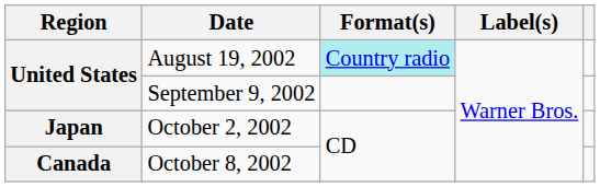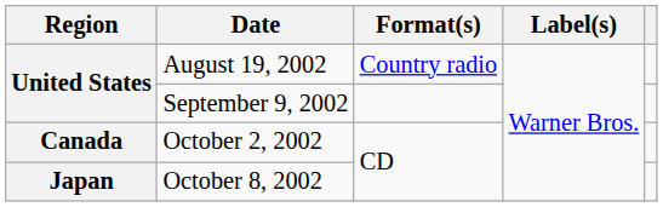 <table class="wikitable plainrowheaders">
 <tr>
 <th scope="col">Region</th>
 <th scope="col">Date</th>
 <th scope="col">Format(s)</th>
 <th scope="col">Label(s)</th>
 <th scope="col"></th>
 </tr>
 <tr>
 <th scope="row" rowspan="2">United States</th>
 <td>August 19, 2002</td>
-<td style="background: paleturquoise;"><a href='#'>Country radio</a></td>
+<td><a href='#'>Country radio</a></td>
 <td rowspan="4"><a href='#'>Warner Bros.</a></td>
 <td></td>
 </tr>
 <tr>
 <td>September 9, 2002</td>
 <td></td>
 <td></td>
 </tr>
 <tr>
-<th scope="row">Japan</th>
+<th scope="row">Canada</th>
 <td>October 2, 2002</td>
 <td rowspan="2">CD</td>
 <td></td>
 </tr>
 <tr>
-<th scope="row">Canada</th>
+<th scope="row">Japan</th>
 <td>October 8, 2002</td>
 <td></td>
 </tr>
 </table>
